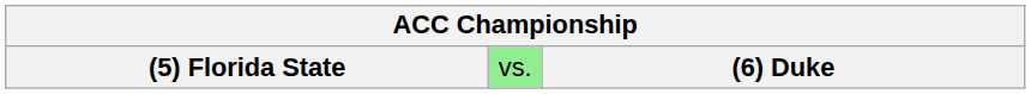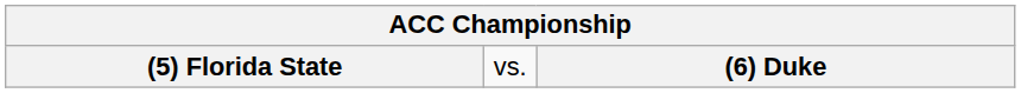 <table class="wikitable">
 <tr>
 <th style="width: 604px;" colspan=3>ACC Championship</th>
 </tr>
 <tr>
 <th style="width: 289px; ">(5) Florida State</th>
-<td style="background: lightgreen; width: 25px; text-align:center">vs.</td>
+<td style="width: 25px; text-align:center">vs.</td>
 <th style="width: 289px; ">(6) Duke</th>
 </tr>
 </table>
